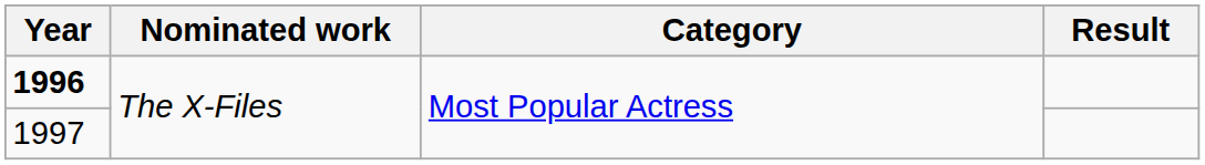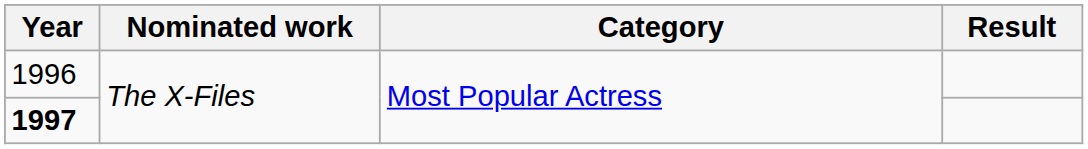 <table style="width:95%;" class="wikitable sortable">
 <tr>
 <th style="width:5%;">Year</th>
 <th style="width:20%;">Nominated work</th>
 <th style="width:40%;">Category</th>
 <th style="width:10%;">Result</th>
 </tr>
 <tr>
-<td><strong>1996</strong></td>
+<td>1996</td>
 <td rowspan="2"><em>The X-Files</em></td>
 <td rowspan="2"><a href='#'>Most Popular Actress</a></td>
 <td></td>
 </tr>
 <tr>
-<td>1997</td>
+<td><strong>1997</strong></td>
 <td></td>
 </tr>
 </table>
